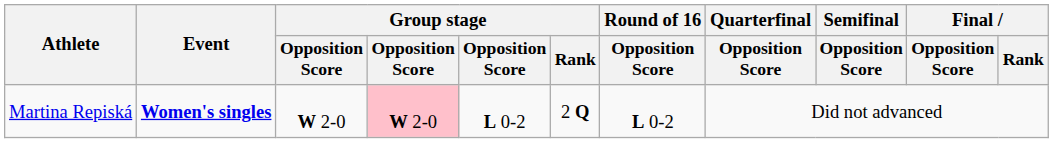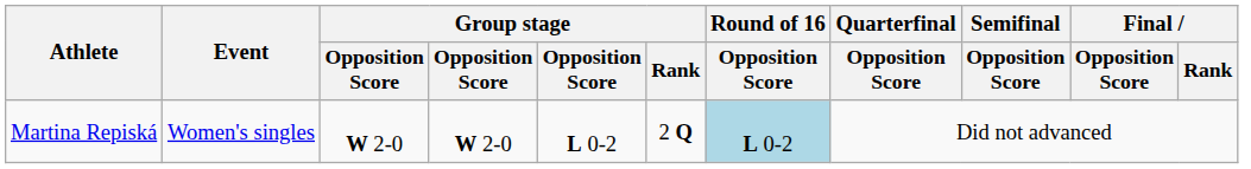 <table class="wikitable" style="font-size:90%">
 <tr>
 <th rowspan=2>Athlete</th>
 <th rowspan=2>Event</th>
 <th colspan=4>Group stage</th>
 <th>Round of 16</th>
 <th>Quarterfinal</th>
 <th>Semifinal</th>
 <th colspan=2>Final / </th>
 </tr>
 <tr style="font-size:95%">
 <th>Opposition<br>Score</th>
 <th>Opposition<br>Score</th>
 <th>Opposition<br>Score</th>
 <th>Rank</th>
 <th>Opposition<br>Score</th>
 <th>Opposition<br>Score</th>
 <th>Opposition<br>Score</th>
 <th>Opposition<br>Score</th>
 <th>Rank</th>
 </tr>
 <tr align=center>
 <td align=left><a href='#'>Martina Repiská</a></td>
-<td align=left><strong><a href='#'>Women's singles</a></strong></td>
+<td align=left><a href='#'>Women's singles</a></td>
 <td><br><strong>W</strong> 2-0</td>
-<td style="background: pink;"><br><strong>W</strong> 2-0</td>
+<td><br><strong>W</strong> 2-0</td>
 <td><br><strong>L</strong> 0-2</td>
 <td>2 <strong>Q</strong></td>
-<td><br><strong>L</strong> 0-2</td>
+<td style="background: lightblue;"><br><strong>L</strong> 0-2</td>
 <td colspan=4>Did not advanced</td>
 </tr>
 </table>
